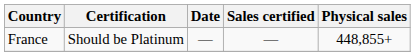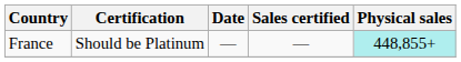 <table class="wikitable">
 <tr>
 <th>Country</th>
 <th>Certification</th>
 <th>Date</th>
 <th>Sales certified</th>
 <th>Physical sales</th>
 </tr>
 <tr>
 <td>France</td>
 <td align="center">Should be Platinum</td>
 <td align="center">—</td>
 <td align="center">—</td>
-<td align="center">448,855+</td>
+<td align="center" style="background: paleturquoise;">448,855+</td>
 </tr>
 <tr>
 </tr>
 </table>
